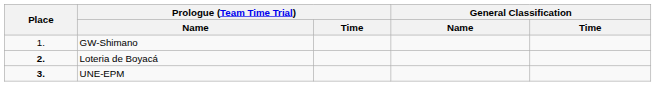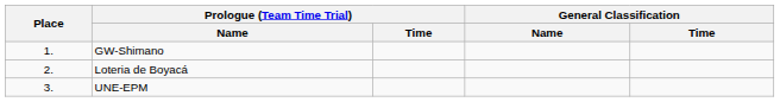 <table class=wikitable style="font-size:95%" width="80%">
 <tr>
 <th rowspan="2">Place</th>
 <th colspan="2">Prologue (<a href='#'>Team Time Trial</a>)</th>
 <th colspan="2">General Classification</th>
 </tr>
 <tr>
 <th>Name</th>
 <th>Time</th>
 <th>Name</th>
 <th>Time</th>
 </tr>
 <tr>
 <td align="center">1.</td>
 <td>GW-Shimano</td>
 <td></td>
 <td></td>
 <td></td>
 </tr>
 <tr>
-<td align="center"><strong>2.</strong></td>
+<td align="center">2.</td>
 <td>Loteria de Boyacá</td>
 <td></td>
 <td></td>
 <td></td>
 </tr>
 <tr>
-<td align="center"><strong>3.</strong></td>
+<td align="center">3.</td>
 <td>UNE-EPM</td>
 <td></td>
 <td></td>
 <td></td>
 </tr>
 </table>
